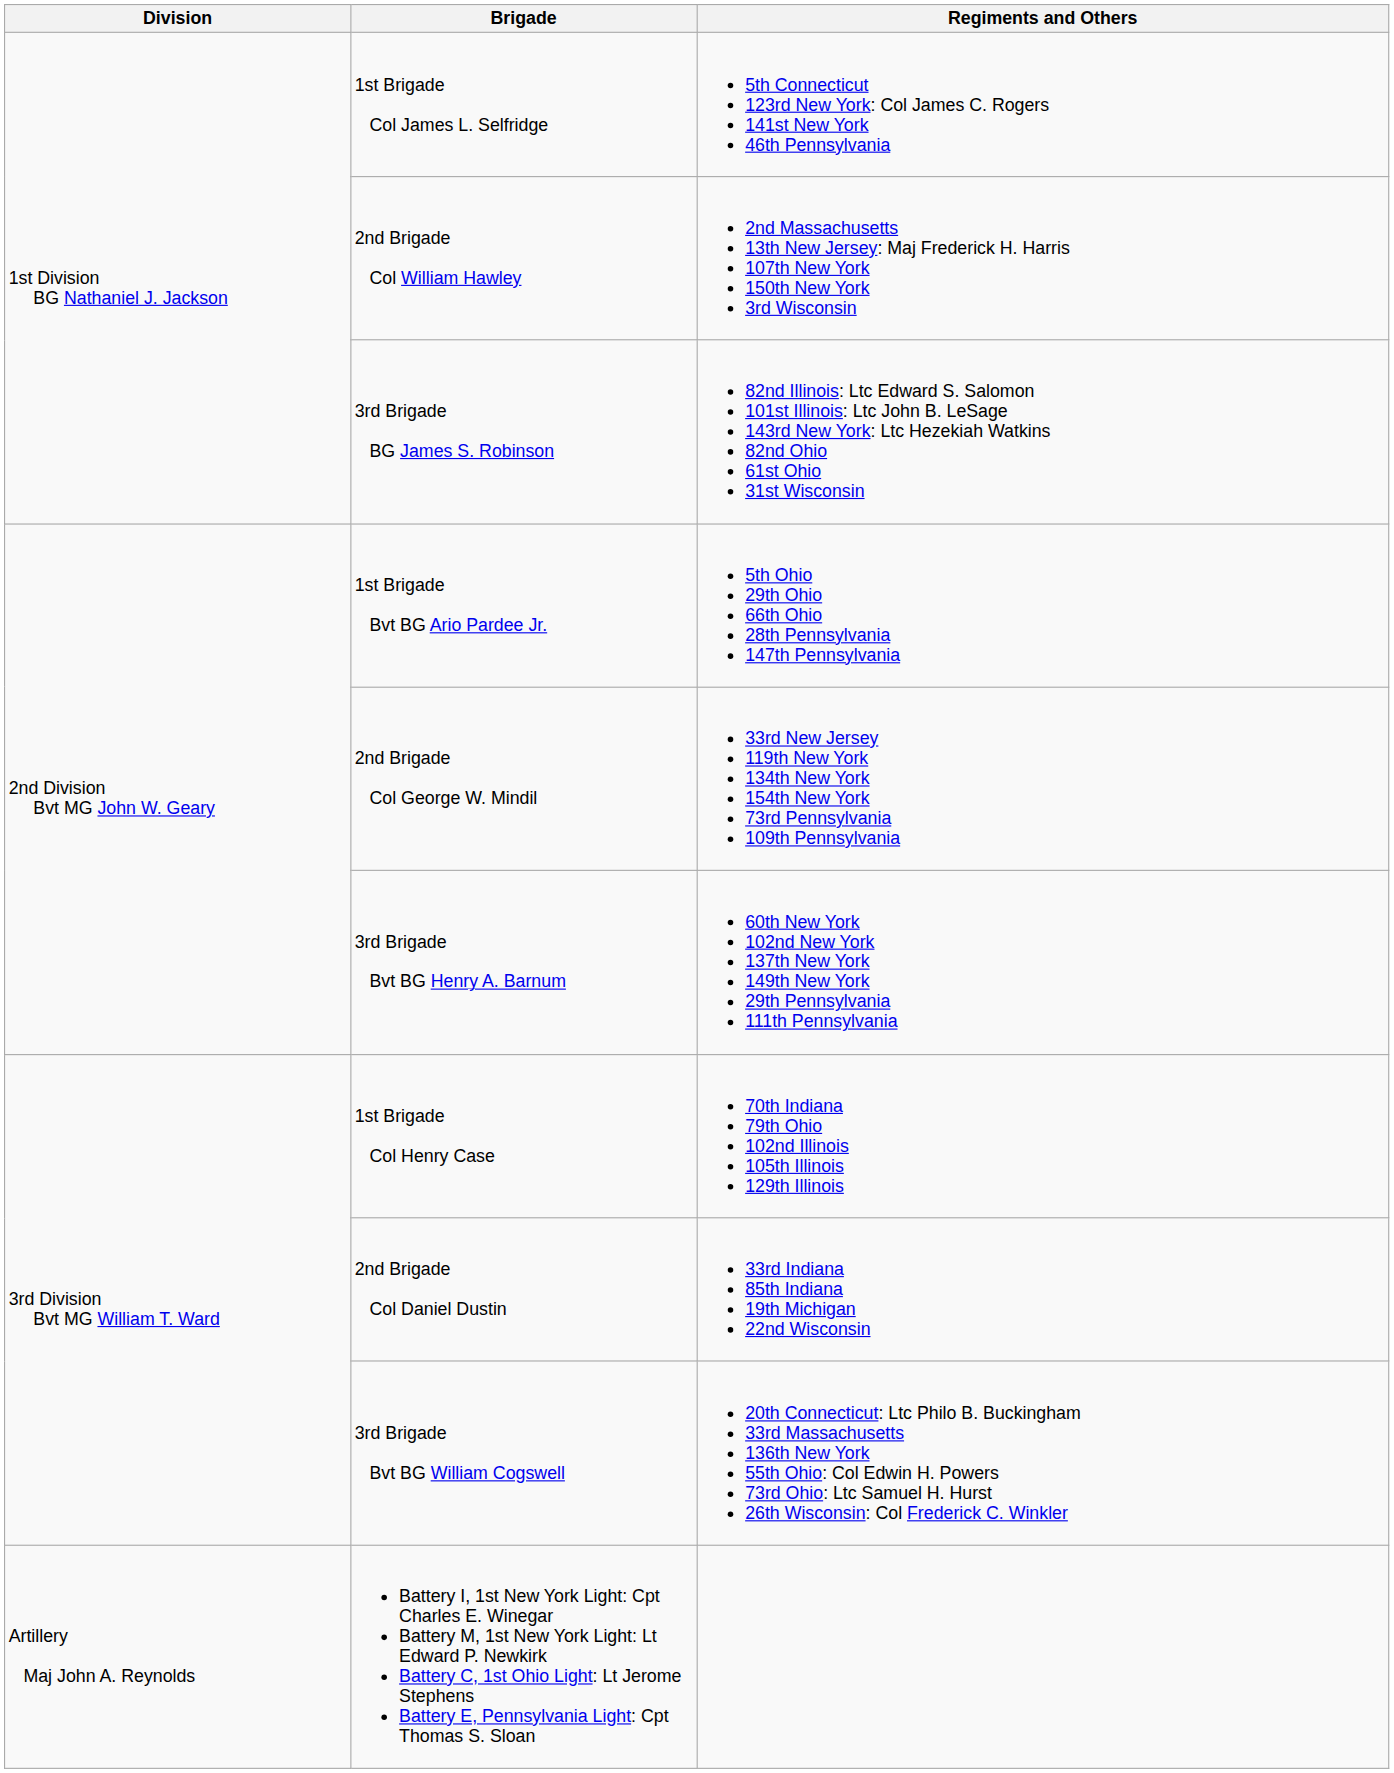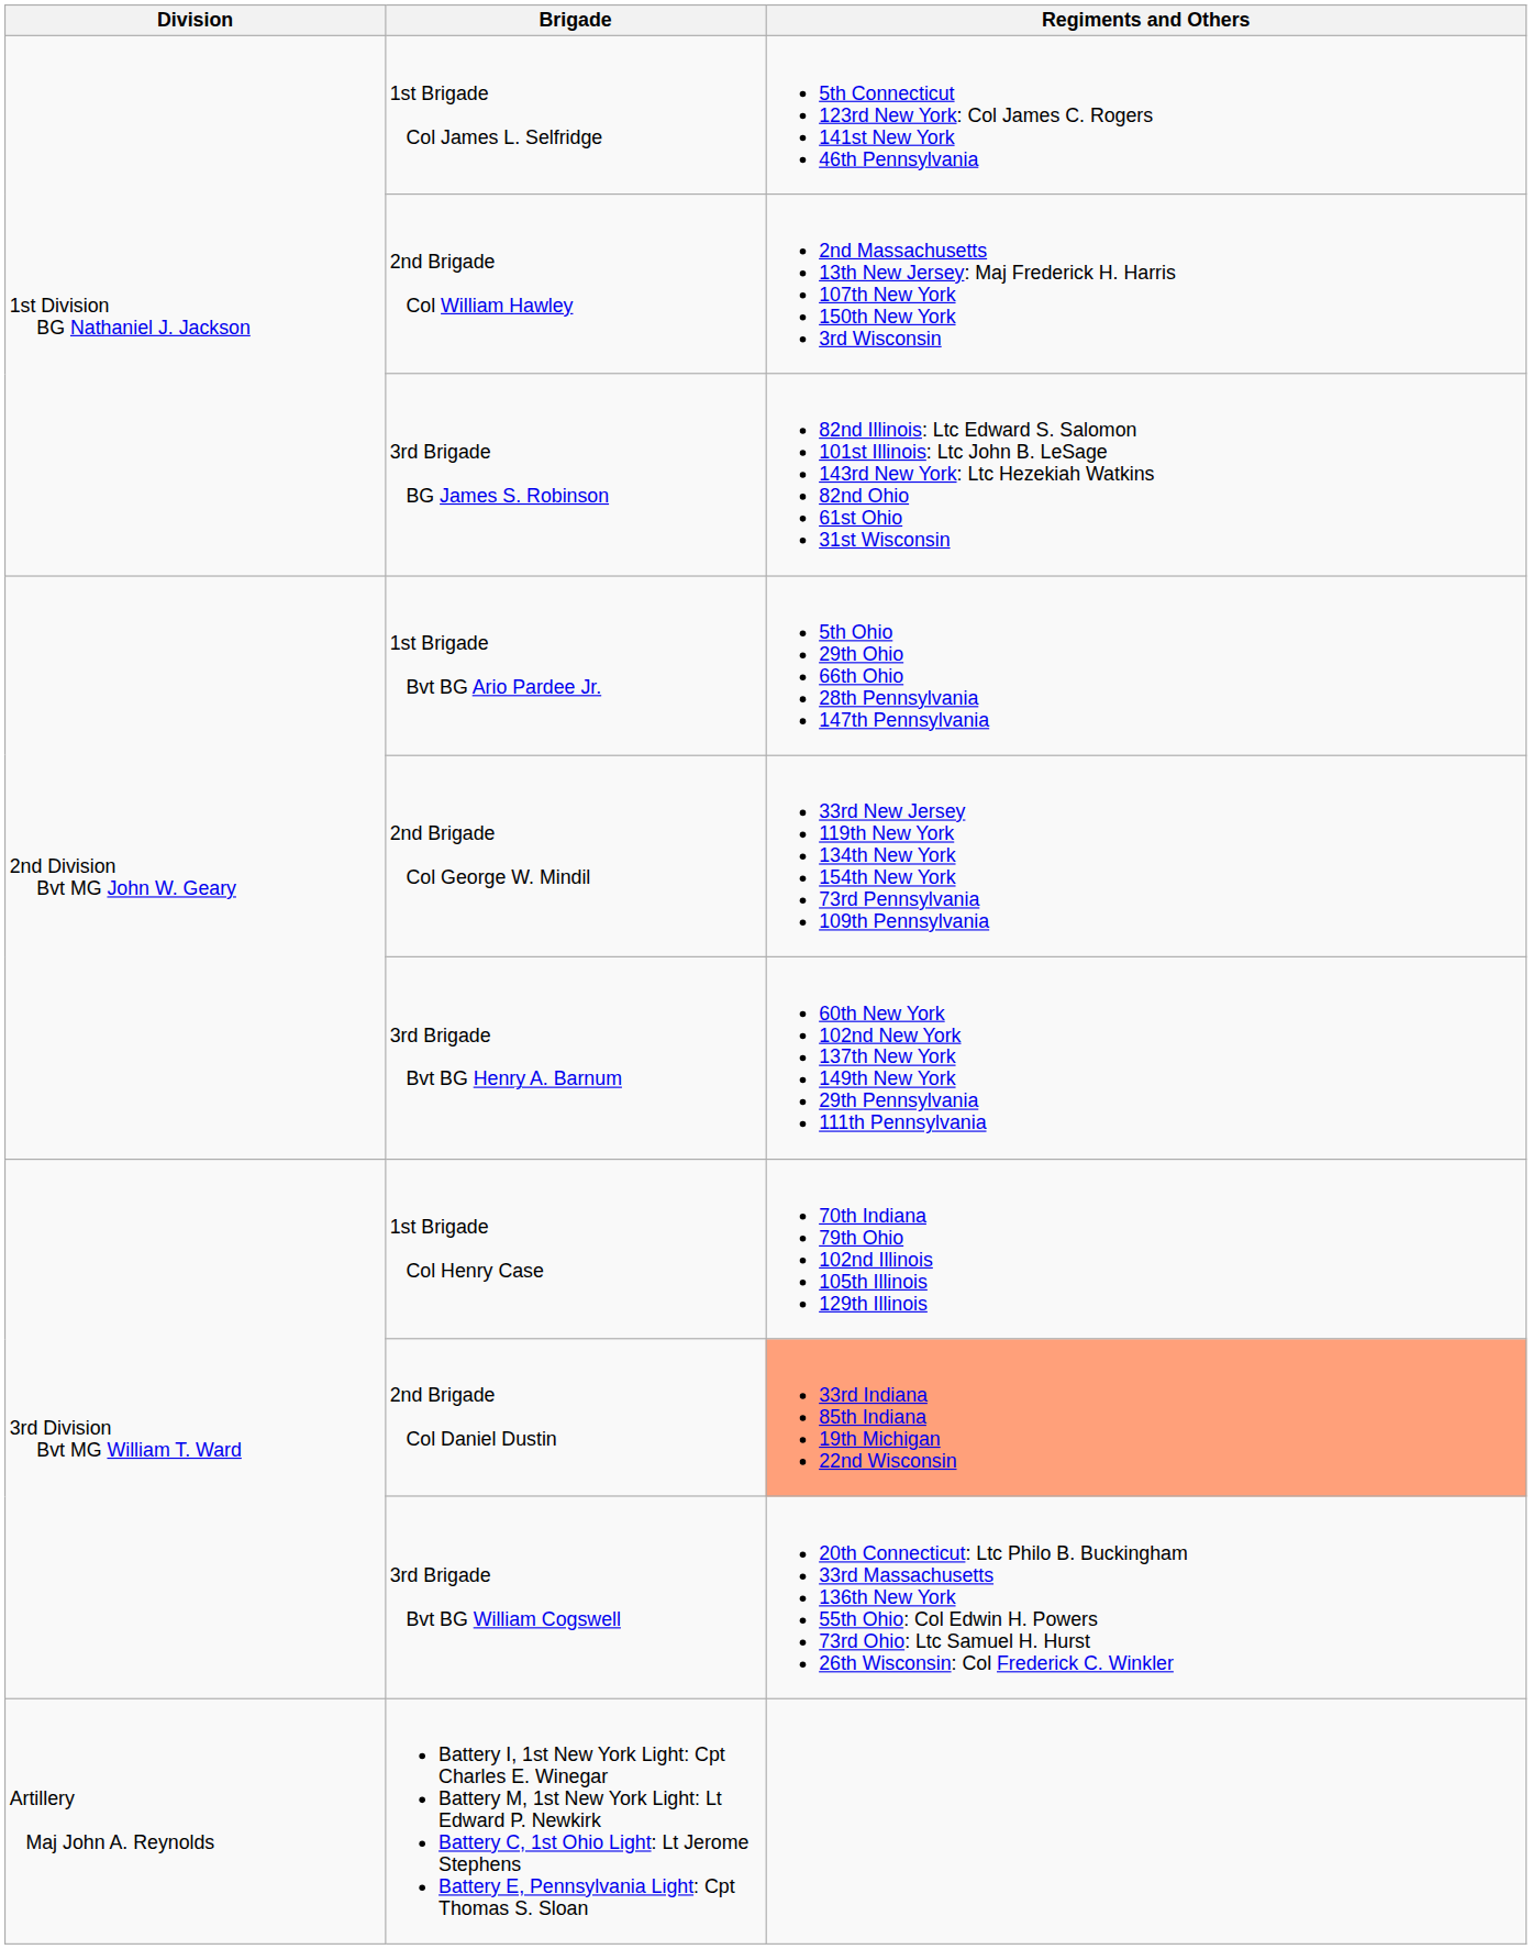 <table class="wikitable">
 <tr>
 <th width=25%>Division</th>
 <th width=25%>Brigade</th>
 <th>Regiments and Others</th>
 </tr>
 <tr>
 <td rowspan=3><br>1st Division <br>     BG <a href='#'>Nathaniel J. Jackson</a></td>
 <td>1st Brigade<br><br>   Col James L. Selfridge</td>
 <td><br><ul><li><a href='#'>5th Connecticut</a></li><li><a href='#'>123rd New York</a>: Col James C. Rogers</li><li><a href='#'>141st New York</a></li><li><a href='#'>46th Pennsylvania</a></li></ul></td>
 </tr>
 <tr>
 <td>2nd Brigade<br><br>   Col <a href='#'>William Hawley</a></td>
 <td><br><ul><li><a href='#'>2nd Massachusetts</a></li><li><a href='#'>13th New Jersey</a>: Maj Frederick H. Harris</li><li><a href='#'>107th New York</a></li><li><a href='#'>150th New York</a></li><li><a href='#'>3rd Wisconsin</a></li></ul></td>
 </tr>
 <tr>
 <td>3rd Brigade<br><br>   BG <a href='#'>James S. Robinson</a></td>
 <td><br><ul><li><a href='#'>82nd Illinois</a>: Ltc Edward S. Salomon</li><li><a href='#'>101st Illinois</a>: Ltc John B. LeSage</li><li><a href='#'>143rd New York</a>: Ltc Hezekiah Watkins</li><li><a href='#'>82nd Ohio</a></li><li><a href='#'>61st Ohio</a></li><li><a href='#'>31st Wisconsin</a></li></ul></td>
 </tr>
 <tr>
 <td rowspan=3><br>2nd Division <br>     Bvt MG <a href='#'>John W. Geary</a></td>
 <td>1st Brigade<br><br>   Bvt BG <a href='#'>Ario Pardee Jr.</a></td>
 <td><br><ul><li><a href='#'>5th Ohio</a></li><li><a href='#'>29th Ohio</a></li><li><a href='#'>66th Ohio</a></li><li><a href='#'>28th Pennsylvania</a></li><li><a href='#'>147th Pennsylvania</a></li></ul></td>
 </tr>
 <tr>
 <td>2nd Brigade<br><br>   Col George W. Mindil</td>
 <td><br><ul><li><a href='#'>33rd New Jersey</a></li><li><a href='#'>119th New York</a></li><li><a href='#'>134th New York</a></li><li><a href='#'>154th New York</a></li><li><a href='#'>73rd Pennsylvania</a></li><li><a href='#'>109th Pennsylvania</a></li></ul></td>
 </tr>
 <tr>
 <td>3rd Brigade<br><br>   Bvt BG <a href='#'>Henry A. Barnum</a></td>
 <td><br><ul><li><a href='#'>60th New York</a></li><li><a href='#'>102nd New York</a></li><li><a href='#'>137th New York</a></li><li><a href='#'>149th New York</a></li><li><a href='#'>29th Pennsylvania</a></li><li><a href='#'>111th Pennsylvania</a></li></ul></td>
 </tr>
 <tr>
 <td rowspan=3><br>3rd Division <br>     Bvt MG <a href='#'>William T. Ward</a></td>
 <td>1st Brigade<br><br>   Col Henry Case</td>
 <td><br><ul><li><a href='#'>70th Indiana</a></li><li><a href='#'>79th Ohio</a></li><li><a href='#'>102nd Illinois</a></li><li><a href='#'>105th Illinois</a></li><li><a href='#'>129th Illinois</a></li></ul></td>
 </tr>
 <tr>
 <td>2nd Brigade<br><br>   Col Daniel Dustin</td>
-<td><br><ul><li><a href='#'>33rd Indiana</a></li><li><a href='#'>85th Indiana</a></li><li><a href='#'>19th Michigan</a></li><li><a href='#'>22nd Wisconsin</a></li></ul></td>
+<td style="background: lightsalmon;"><br><ul><li><a href='#'>33rd Indiana</a></li><li><a href='#'>85th Indiana</a></li><li><a href='#'>19th Michigan</a></li><li><a href='#'>22nd Wisconsin</a></li></ul></td>
 </tr>
 <tr>
 <td>3rd Brigade<br><br>   Bvt BG <a href='#'>William Cogswell</a></td>
 <td><br><ul><li><a href='#'>20th Connecticut</a>: Ltc Philo B. Buckingham</li><li><a href='#'>33rd Massachusetts</a></li><li><a href='#'>136th New York</a></li><li><a href='#'>55th Ohio</a>: Col Edwin H. Powers</li><li><a href='#'>73rd Ohio</a>: Ltc Samuel H. Hurst</li><li><a href='#'>26th Wisconsin</a>: Col <a href='#'>Frederick C. Winkler</a></li></ul></td>
 </tr>
 <tr>
 <td>Artillery<br><br>   Maj John A. Reynolds</td>
 <td><br><ul><li>Battery I, 1st New York Light: Cpt Charles E. Winegar</li><li>Battery M, 1st New York Light: Lt Edward P. Newkirk</li><li><a href='#'>Battery C, 1st Ohio Light</a>: Lt Jerome Stephens</li><li><a href='#'>Battery E, Pennsylvania Light</a>: Cpt Thomas S. Sloan</li></ul></td>
 </tr>
 </table>
